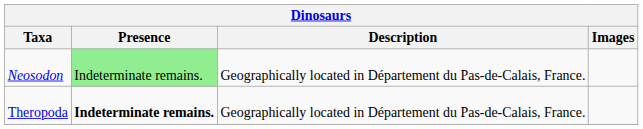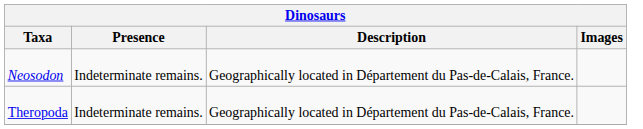 <table class="wikitable" align="center">
 <tr>
 <th colspan="5" align="center"><strong><a href='#'>Dinosaurs</a></strong></th>
 </tr>
 <tr>
 <th>Taxa</th>
 <th>Presence</th>
 <th>Description</th>
 <th>Images</th>
 </tr>
 <tr>
 <td><br><em><a href='#'>Neosodon</a></em></td>
-<td style="background: lightgreen;"><br>Indeterminate remains.</td>
+<td><br>Indeterminate remains.</td>
 <td><br>Geographically located in Département du Pas-de-Calais, France.</td>
 <td></td>
 </tr>
 <tr>
 <td><br><a href='#'>Theropoda</a></td>
-<td><strong><br>Indeterminate remains.</strong></td>
+<td><br>Indeterminate remains.</td>
 <td><br>Geographically located in Département du Pas-de-Calais, France.</td>
 <td></td>
 </tr>
 <tr>
 </tr>
 </table>
